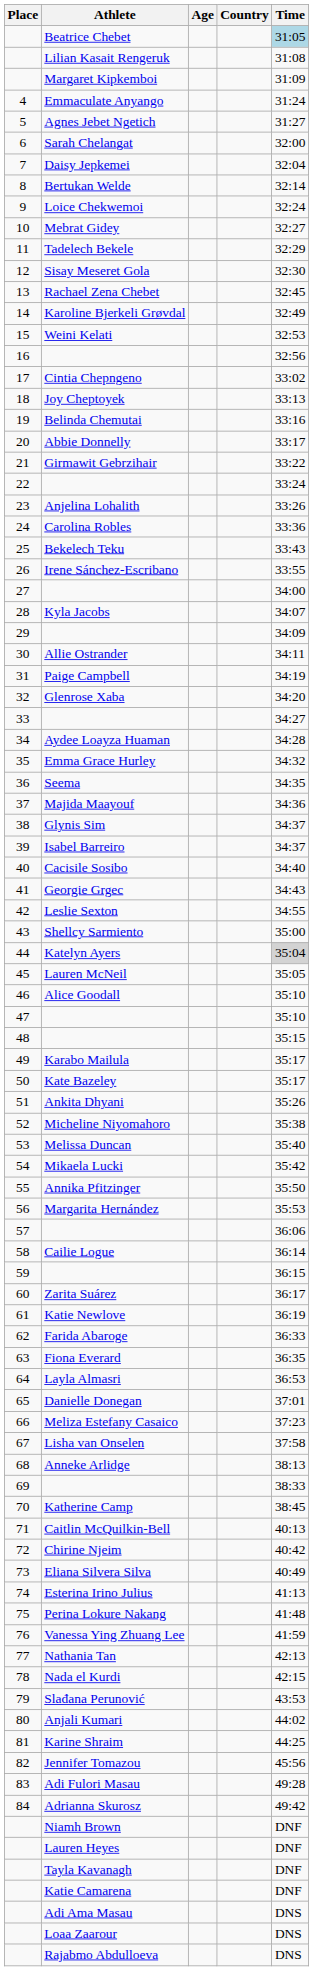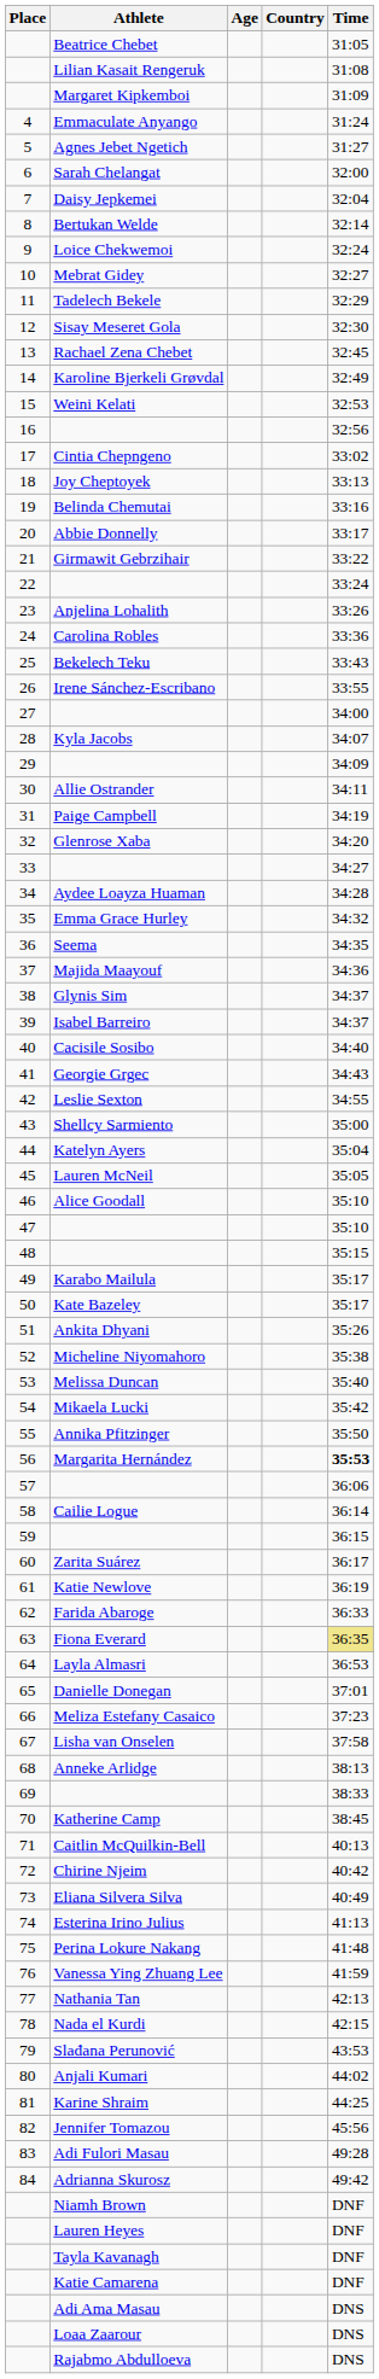 <table class="wikitable mw-datatable sortable">
 <tr>
 <th>Place</th>
 <th>Athlete</th>
 <th>Age</th>
 <th>Country</th>
 <th>Time</th>
 </tr>
 <tr>
 <td align=center></td>
 <td><a href='#'>Beatrice Chebet</a></td>
 <td></td>
 <td></td>
-<td style="background: lightblue;">31:05</td>
+<td>31:05</td>
 </tr>
 <tr>
 <td align=center></td>
 <td><a href='#'>Lilian Kasait Rengeruk</a></td>
 <td></td>
 <td></td>
 <td>31:08</td>
 </tr>
 <tr>
 <td align=center></td>
 <td><a href='#'>Margaret Kipkemboi</a></td>
 <td></td>
 <td></td>
 <td>31:09</td>
 </tr>
 <tr>
 <td align=center>4</td>
 <td><a href='#'>Emmaculate Anyango</a></td>
 <td></td>
 <td></td>
 <td>31:24</td>
 </tr>
 <tr>
 <td align=center>5</td>
 <td><a href='#'>Agnes Jebet Ngetich</a></td>
 <td></td>
 <td></td>
 <td>31:27</td>
 </tr>
 <tr>
 <td align=center>6</td>
 <td><a href='#'>Sarah Chelangat</a></td>
 <td></td>
 <td></td>
 <td>32:00</td>
 </tr>
 <tr>
 <td align=center>7</td>
 <td><a href='#'>Daisy Jepkemei</a></td>
 <td></td>
 <td></td>
 <td>32:04</td>
 </tr>
 <tr>
 <td align=center>8</td>
 <td><a href='#'>Bertukan Welde</a></td>
 <td></td>
 <td></td>
 <td>32:14</td>
 </tr>
 <tr>
 <td align=center>9</td>
 <td><a href='#'>Loice Chekwemoi</a></td>
 <td></td>
 <td></td>
 <td>32:24</td>
 </tr>
 <tr>
 <td align=center>10</td>
 <td><a href='#'>Mebrat Gidey</a></td>
 <td></td>
 <td></td>
 <td>32:27</td>
 </tr>
 <tr>
 <td align=center>11</td>
 <td><a href='#'>Tadelech Bekele</a></td>
 <td></td>
 <td></td>
 <td>32:29</td>
 </tr>
 <tr>
 <td align=center>12</td>
 <td><a href='#'>Sisay Meseret Gola</a></td>
 <td></td>
 <td></td>
 <td>32:30</td>
 </tr>
 <tr>
 <td align=center>13</td>
 <td><a href='#'>Rachael Zena Chebet</a></td>
 <td></td>
 <td></td>
 <td>32:45</td>
 </tr>
 <tr>
 <td align=center>14</td>
 <td><a href='#'>Karoline Bjerkeli Grøvdal</a></td>
 <td></td>
 <td></td>
 <td>32:49</td>
 </tr>
 <tr>
 <td align=center>15</td>
 <td><a href='#'>Weini Kelati</a></td>
 <td></td>
 <td></td>
 <td>32:53</td>
 </tr>
 <tr>
 <td align=center>16</td>
 <td></td>
 <td></td>
 <td></td>
 <td>32:56</td>
 </tr>
 <tr>
 <td align=center>17</td>
 <td><a href='#'>Cintia Chepngeno</a></td>
 <td></td>
 <td></td>
 <td>33:02</td>
 </tr>
 <tr>
 <td align=center>18</td>
 <td><a href='#'>Joy Cheptoyek</a></td>
 <td></td>
 <td></td>
 <td>33:13</td>
 </tr>
 <tr>
 <td align=center>19</td>
 <td><a href='#'>Belinda Chemutai</a></td>
 <td></td>
 <td></td>
 <td>33:16</td>
 </tr>
 <tr>
 <td align=center>20</td>
 <td><a href='#'>Abbie Donnelly</a></td>
 <td></td>
 <td></td>
 <td>33:17</td>
 </tr>
 <tr>
 <td align=center>21</td>
 <td><a href='#'>Girmawit Gebrzihair</a></td>
 <td></td>
 <td></td>
 <td>33:22</td>
 </tr>
 <tr>
 <td align=center>22</td>
 <td></td>
 <td></td>
 <td></td>
 <td>33:24</td>
 </tr>
 <tr>
 <td align=center>23</td>
 <td><a href='#'>Anjelina Lohalith</a></td>
 <td></td>
 <td></td>
 <td>33:26</td>
 </tr>
 <tr>
 <td align=center>24</td>
 <td><a href='#'>Carolina Robles</a></td>
 <td></td>
 <td></td>
 <td>33:36</td>
 </tr>
 <tr>
 <td align=center>25</td>
 <td><a href='#'>Bekelech Teku</a></td>
 <td></td>
 <td></td>
 <td>33:43</td>
 </tr>
 <tr>
 <td align=center>26</td>
 <td><a href='#'>Irene Sánchez-Escribano</a></td>
 <td></td>
 <td></td>
 <td>33:55</td>
 </tr>
 <tr>
 <td align=center>27</td>
 <td></td>
 <td></td>
 <td></td>
 <td>34:00</td>
 </tr>
 <tr>
 <td align=center>28</td>
 <td><a href='#'>Kyla Jacobs</a></td>
 <td></td>
 <td></td>
 <td>34:07</td>
 </tr>
 <tr>
 <td align=center>29</td>
 <td></td>
 <td></td>
 <td></td>
 <td>34:09</td>
 </tr>
 <tr>
 <td align=center>30</td>
 <td><a href='#'>Allie Ostrander</a></td>
 <td></td>
 <td></td>
 <td>34:11</td>
 </tr>
 <tr>
 <td align=center>31</td>
 <td><a href='#'>Paige Campbell</a></td>
 <td></td>
 <td></td>
 <td>34:19</td>
 </tr>
 <tr>
 <td align=center>32</td>
 <td><a href='#'>Glenrose Xaba</a></td>
 <td></td>
 <td></td>
 <td>34:20</td>
 </tr>
 <tr>
 <td align=center>33</td>
 <td></td>
 <td></td>
 <td></td>
 <td>34:27</td>
 </tr>
 <tr>
 <td align=center>34</td>
 <td><a href='#'>Aydee Loayza Huaman</a></td>
 <td></td>
 <td></td>
 <td>34:28</td>
 </tr>
 <tr>
 <td align=center>35</td>
 <td><a href='#'>Emma Grace Hurley</a></td>
 <td></td>
 <td></td>
 <td>34:32</td>
 </tr>
 <tr>
 <td align=center>36</td>
 <td><a href='#'>Seema</a></td>
 <td></td>
 <td></td>
 <td>34:35</td>
 </tr>
 <tr>
 <td align=center>37</td>
 <td><a href='#'>Majida Maayouf</a></td>
 <td></td>
 <td></td>
 <td>34:36</td>
 </tr>
 <tr>
 <td align=center>38</td>
 <td><a href='#'>Glynis Sim</a></td>
 <td></td>
 <td></td>
 <td>34:37</td>
 </tr>
 <tr>
 <td align=center>39</td>
 <td><a href='#'>Isabel Barreiro</a></td>
 <td></td>
 <td></td>
 <td>34:37</td>
 </tr>
 <tr>
 <td align=center>40</td>
 <td><a href='#'>Cacisile Sosibo</a></td>
 <td></td>
 <td></td>
 <td>34:40</td>
 </tr>
 <tr>
 <td align=center>41</td>
 <td><a href='#'>Georgie Grgec</a></td>
 <td></td>
 <td></td>
 <td>34:43</td>
 </tr>
 <tr>
 <td align=center>42</td>
 <td><a href='#'>Leslie Sexton</a></td>
 <td></td>
 <td></td>
 <td>34:55</td>
 </tr>
 <tr>
 <td align=center>43</td>
 <td><a href='#'>Shellcy Sarmiento</a></td>
 <td></td>
 <td></td>
 <td>35:00</td>
 </tr>
 <tr>
 <td align=center>44</td>
 <td><a href='#'>Katelyn Ayers</a></td>
 <td></td>
 <td></td>
-<td style="background: lightgrey;">35:04</td>
+<td>35:04</td>
 </tr>
 <tr>
 <td align=center>45</td>
 <td><a href='#'>Lauren McNeil</a></td>
 <td></td>
 <td></td>
 <td>35:05</td>
 </tr>
 <tr>
 <td align=center>46</td>
 <td><a href='#'>Alice Goodall</a></td>
 <td></td>
 <td></td>
 <td>35:10</td>
 </tr>
 <tr>
 <td align=center>47</td>
 <td></td>
 <td></td>
 <td></td>
 <td>35:10</td>
 </tr>
 <tr>
 <td align=center>48</td>
 <td></td>
 <td></td>
 <td></td>
 <td>35:15</td>
 </tr>
 <tr>
 <td align=center>49</td>
 <td><a href='#'>Karabo Mailula</a></td>
 <td></td>
 <td></td>
 <td>35:17</td>
 </tr>
 <tr>
 <td align=center>50</td>
 <td><a href='#'>Kate Bazeley</a></td>
 <td></td>
 <td></td>
 <td>35:17</td>
 </tr>
 <tr>
 <td align=center>51</td>
 <td><a href='#'>Ankita Dhyani</a></td>
 <td></td>
 <td></td>
 <td>35:26</td>
 </tr>
 <tr>
 <td align=center>52</td>
 <td><a href='#'>Micheline Niyomahoro</a></td>
 <td></td>
 <td></td>
 <td>35:38</td>
 </tr>
 <tr>
 <td align=center>53</td>
 <td><a href='#'>Melissa Duncan</a></td>
 <td></td>
 <td></td>
 <td>35:40</td>
 </tr>
 <tr>
 <td align=center>54</td>
 <td><a href='#'>Mikaela Lucki</a></td>
 <td></td>
 <td></td>
 <td>35:42</td>
 </tr>
 <tr>
 <td align=center>55</td>
 <td><a href='#'>Annika Pfitzinger</a></td>
 <td></td>
 <td></td>
 <td>35:50</td>
 </tr>
 <tr>
 <td align=center>56</td>
 <td><a href='#'>Margarita Hernández</a></td>
 <td></td>
 <td></td>
-<td>35:53</td>
+<td><strong>35:53</strong></td>
 </tr>
 <tr>
 <td align=center>57</td>
 <td></td>
 <td></td>
 <td></td>
 <td>36:06</td>
 </tr>
 <tr>
 <td align=center>58</td>
 <td><a href='#'>Cailie Logue</a></td>
 <td></td>
 <td></td>
 <td>36:14</td>
 </tr>
 <tr>
 <td align=center>59</td>
 <td></td>
 <td></td>
 <td></td>
 <td>36:15</td>
 </tr>
 <tr>
 <td align=center>60</td>
 <td><a href='#'>Zarita Suárez</a></td>
 <td></td>
 <td></td>
 <td>36:17</td>
 </tr>
 <tr>
 <td align=center>61</td>
 <td><a href='#'>Katie Newlove</a></td>
 <td></td>
 <td></td>
 <td>36:19</td>
 </tr>
 <tr>
 <td align=center>62</td>
 <td><a href='#'>Farida Abaroge</a></td>
 <td></td>
 <td></td>
 <td>36:33</td>
 </tr>
 <tr>
 <td align=center>63</td>
 <td><a href='#'>Fiona Everard</a></td>
 <td></td>
 <td></td>
-<td>36:35</td>
+<td style="background: khaki;">36:35</td>
 </tr>
 <tr>
 <td align=center>64</td>
 <td><a href='#'>Layla Almasri</a></td>
 <td></td>
 <td></td>
 <td>36:53</td>
 </tr>
 <tr>
 <td align=center>65</td>
 <td><a href='#'>Danielle Donegan</a></td>
 <td></td>
 <td></td>
 <td>37:01</td>
 </tr>
 <tr>
 <td align=center>66</td>
 <td><a href='#'>Meliza Estefany  Casaico</a></td>
 <td></td>
 <td></td>
 <td>37:23</td>
 </tr>
 <tr>
 <td align=center>67</td>
 <td><a href='#'>Lisha van Onselen</a></td>
 <td></td>
 <td></td>
 <td>37:58</td>
 </tr>
 <tr>
 <td align=center>68</td>
 <td><a href='#'>Anneke Arlidge</a></td>
 <td></td>
 <td></td>
 <td>38:13</td>
 </tr>
 <tr>
 <td align=center>69</td>
 <td></td>
 <td></td>
 <td></td>
 <td>38:33</td>
 </tr>
 <tr>
 <td align=center>70</td>
 <td><a href='#'>Katherine Camp</a></td>
 <td></td>
 <td></td>
 <td>38:45</td>
 </tr>
 <tr>
 <td align=center>71</td>
 <td><a href='#'>Caitlin McQuilkin-Bell</a></td>
 <td></td>
 <td></td>
 <td>40:13</td>
 </tr>
 <tr>
 <td align=center>72</td>
 <td><a href='#'>Chirine Njeim</a></td>
 <td></td>
 <td></td>
 <td>40:42</td>
 </tr>
 <tr>
 <td align=center>73</td>
 <td><a href='#'>Eliana Silvera Silva</a></td>
 <td></td>
 <td></td>
 <td>40:49</td>
 </tr>
 <tr>
 <td align=center>74</td>
 <td><a href='#'>Esterina Irino Julius</a></td>
 <td></td>
 <td></td>
 <td>41:13</td>
 </tr>
 <tr>
 <td align=center>75</td>
 <td><a href='#'>Perina Lokure Nakang</a></td>
 <td></td>
 <td></td>
 <td>41:48</td>
 </tr>
 <tr>
 <td align=center>76</td>
 <td><a href='#'>Vanessa Ying Zhuang Lee</a></td>
 <td></td>
 <td></td>
 <td>41:59</td>
 </tr>
 <tr>
 <td align=center>77</td>
 <td><a href='#'>Nathania Tan</a></td>
 <td></td>
 <td></td>
 <td>42:13</td>
 </tr>
 <tr>
 <td align=center>78</td>
 <td><a href='#'>Nada el Kurdi</a></td>
 <td></td>
 <td></td>
 <td>42:15</td>
 </tr>
 <tr>
 <td align=center>79</td>
 <td><a href='#'>Slađana Perunović</a></td>
 <td></td>
 <td></td>
 <td>43:53</td>
 </tr>
 <tr>
 <td align=center>80</td>
 <td><a href='#'>Anjali Kumari</a></td>
 <td></td>
 <td></td>
 <td>44:02</td>
 </tr>
 <tr>
 <td align=center>81</td>
 <td><a href='#'>Karine Shraim</a></td>
 <td></td>
 <td></td>
 <td>44:25</td>
 </tr>
 <tr>
 <td align=center>82</td>
 <td><a href='#'>Jennifer Tomazou</a></td>
 <td></td>
 <td></td>
 <td>45:56</td>
 </tr>
 <tr>
 <td align=center>83</td>
 <td><a href='#'>Adi Fulori Masau</a></td>
 <td></td>
 <td></td>
 <td>49:28</td>
 </tr>
 <tr>
 <td align=center>84</td>
 <td><a href='#'>Adrianna Skurosz</a></td>
 <td></td>
 <td></td>
 <td>49:42</td>
 </tr>
 <tr>
 <td align=center></td>
 <td><a href='#'>Niamh Brown</a></td>
 <td></td>
 <td></td>
 <td>DNF</td>
 </tr>
 <tr>
 <td align=center></td>
 <td><a href='#'>Lauren Heyes</a></td>
 <td></td>
 <td></td>
 <td>DNF</td>
 </tr>
 <tr>
 <td align=center></td>
 <td><a href='#'>Tayla Kavanagh</a></td>
 <td></td>
 <td></td>
 <td>DNF</td>
 </tr>
 <tr>
 <td align=center></td>
 <td><a href='#'>Katie Camarena</a></td>
 <td></td>
 <td></td>
 <td>DNF</td>
 </tr>
 <tr>
 <td align=center></td>
 <td><a href='#'>Adi Ama Masau</a></td>
 <td></td>
 <td></td>
 <td>DNS</td>
 </tr>
 <tr>
 <td align=center></td>
 <td><a href='#'>Loaa Zaarour</a></td>
 <td></td>
 <td></td>
 <td>DNS</td>
 </tr>
 <tr>
 <td align=center></td>
 <td><a href='#'>Rajabmo Abdulloeva</a></td>
 <td></td>
 <td></td>
 <td>DNS</td>
 </tr>
 </table>
